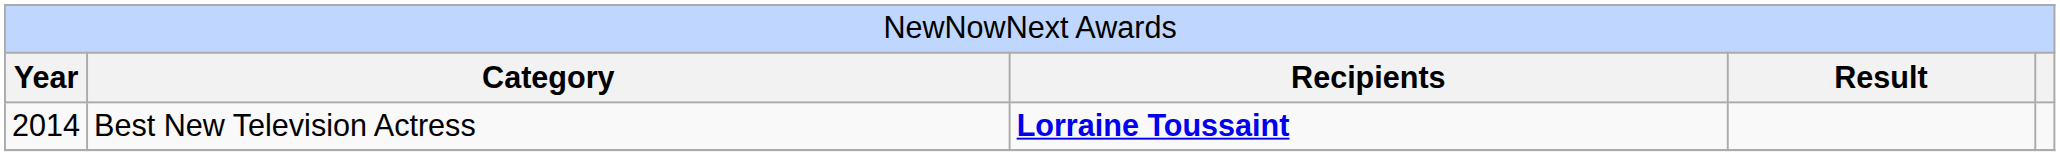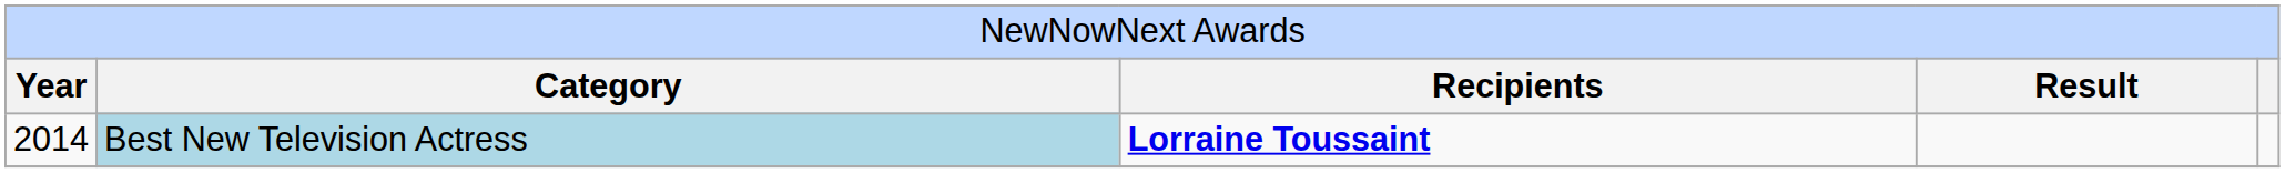 <table class="wikitable plainrowheaders" style="font-size: 100%; width:85%">
 <tr>
 </tr>
 <tr ---- bgcolor="#bfd7ff">
 <td colspan=6 align=center>NewNowNext Awards</td>
 </tr>
 <tr ---- bgcolor="#ebf5ff">
 <th scope="col" style="width:2%;">Year</th>
 <th scope="col" style="width:45%;">Category</th>
 <th scope="col" style="width:35%;">Recipients</th>
 <th scope="col" style="width:15%;">Result</th>
 <th scope="col" class="unsortable" style="width:1%;"></th>
 </tr>
 <tr>
 <td style="text-align:center;">2014</td>
-<td>Best New Television Actress</td>
+<td style="background: lightblue;">Best New Television Actress</td>
 <td><strong><a href='#'>Lorraine Toussaint</a></strong></td>
 <td></td>
 <td></td>
 </tr>
 <tr>
 </tr>
 </table>
